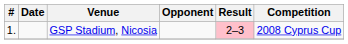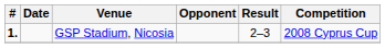 <table class="wikitable collapsible sortable">
 <tr>
 <th>#</th>
 <th>Date</th>
 <th>Venue</th>
 <th>Opponent</th>
 <th>Result</th>
 <th>Competition</th>
 </tr>
 <tr>
-<td>1.</td>
+<td><strong>1.</strong></td>
 <td></td>
 <td><a href='#'>GSP Stadium</a>, <a href='#'>Nicosia</a></td>
 <td></td>
-<td style="background: pink; text-align:center;">2–3</td>
+<td style="text-align:center;">2–3</td>
 <td><a href='#'>2008 Cyprus Cup</a></td>
 </tr>
 <tr>
 </tr>
 </table>
